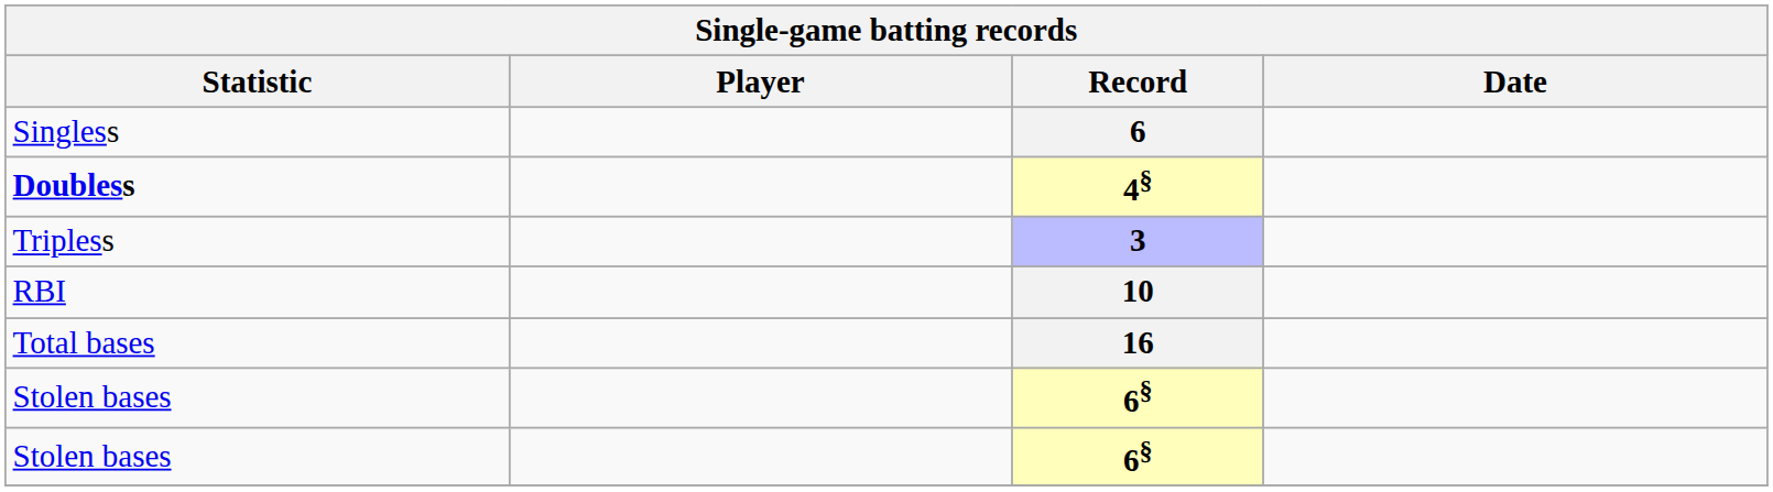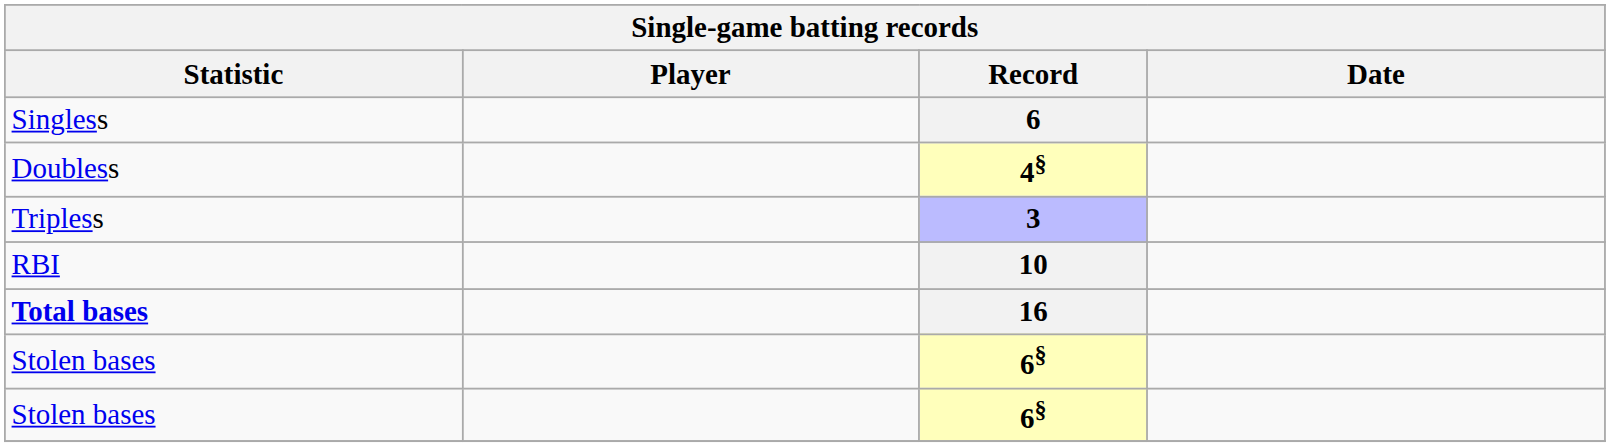 <table class="wikitable" style="text-align:left" width="70%">
 <tr>
 <th colspan=4>Single-game batting records</th>
 </tr>
 <tr>
 <th scope="col" width=20%>Statistic</th>
 <th scope="col" width=20%>Player</th>
 <th scope="col" width=10% class="unsortable">Record</th>
 <th scope="col" width=20%>Date</th>
 </tr>
 <tr>
 <td><a href='#'>Singles</a>s</td>
 <td></td>
 <th scope="row">6</th>
 <td></td>
 </tr>
 <tr>
-<td><strong><a href='#'>Doubles</a>s</strong></td>
+<td><a href='#'>Doubles</a>s</td>
 <td></td>
 <th scope="row" style="background-color:#ffffbb">4<sup>§</sup></th>
 <td></td>
 </tr>
 <tr>
 <td><a href='#'>Triples</a>s</td>
 <td></td>
 <th scope="row" style="background-color:#bbbbff">3</th>
 <td></td>
 </tr>
 <tr>
 <td><a href='#'>RBI</a></td>
 <td></td>
 <th scope="row">10</th>
 <td></td>
 </tr>
 <tr>
-<td><a href='#'>Total bases</a></td>
+<td><strong><a href='#'>Total bases</a></strong></td>
 <td></td>
 <th scope="row">16</th>
 <td></td>
 </tr>
 <tr>
 <td><a href='#'>Stolen bases</a></td>
 <td></td>
 <th scope="row" style="background-color:#ffffbb">6<sup>§</sup></th>
 <td></td>
 </tr>
 <tr>
 <td><a href='#'>Stolen bases</a></td>
 <td></td>
 <th scope="row" style="background-color:#ffffbb">6<sup>§</sup></th>
 <td></td>
 </tr>
 <tr>
 </tr>
 </table>
